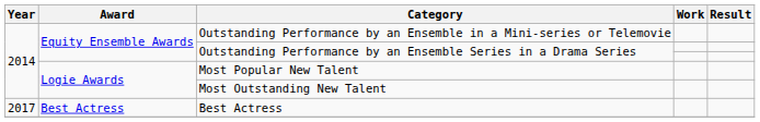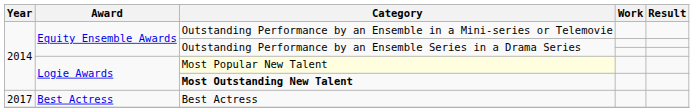 <table class="wikitable">
 <tr align="center">
 <th>Year</th>
 <th>Award</th>
 <th>Category</th>
 <th>Work</th>
 <th>Result</th>
 </tr>
 <tr>
 <td rowspan='5'>2014</td>
 <td rowspan='3'><a href='#'>Equity Ensemble Awards</a></td>
 <td>Outstanding Performance by an Ensemble in a Mini-series or Telemovie</td>
 <td></td>
 <td></td>
 </tr>
 <tr>
 <td rowspan='2'>Outstanding Performance by an Ensemble Series in a Drama Series</td>
 <td></td>
 <td></td>
 </tr>
 <tr>
 <td></td>
 <td></td>
 </tr>
 <tr>
 <td rowspan='2'><a href='#'>Logie Awards</a></td>
-<td>Most Popular New Talent</td>
+<td style="background: lightyellow;">Most Popular New Talent</td>
 <td></td>
 <td></td>
 </tr>
 <tr>
-<td>Most Outstanding New Talent</td>
+<td><strong>Most Outstanding New Talent</strong></td>
 <td></td>
 <td></td>
 </tr>
 <tr>
 <td>2017</td>
 <td><a href='#'>Best Actress</a></td>
 <td>Best Actress</td>
 <td></td>
 <td></td>
 </tr>
 <tr>
 </tr>
 </table>
